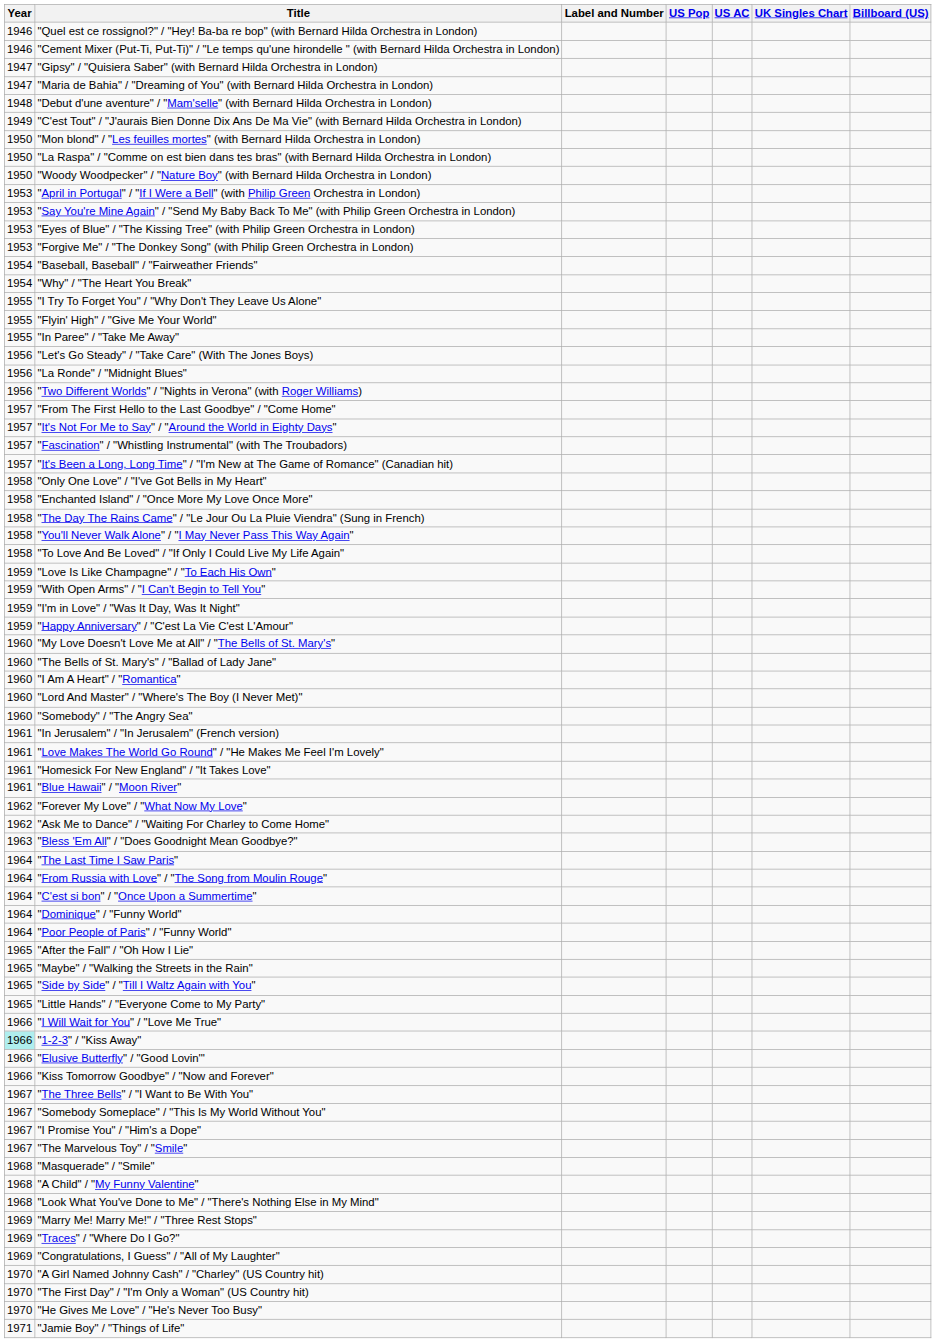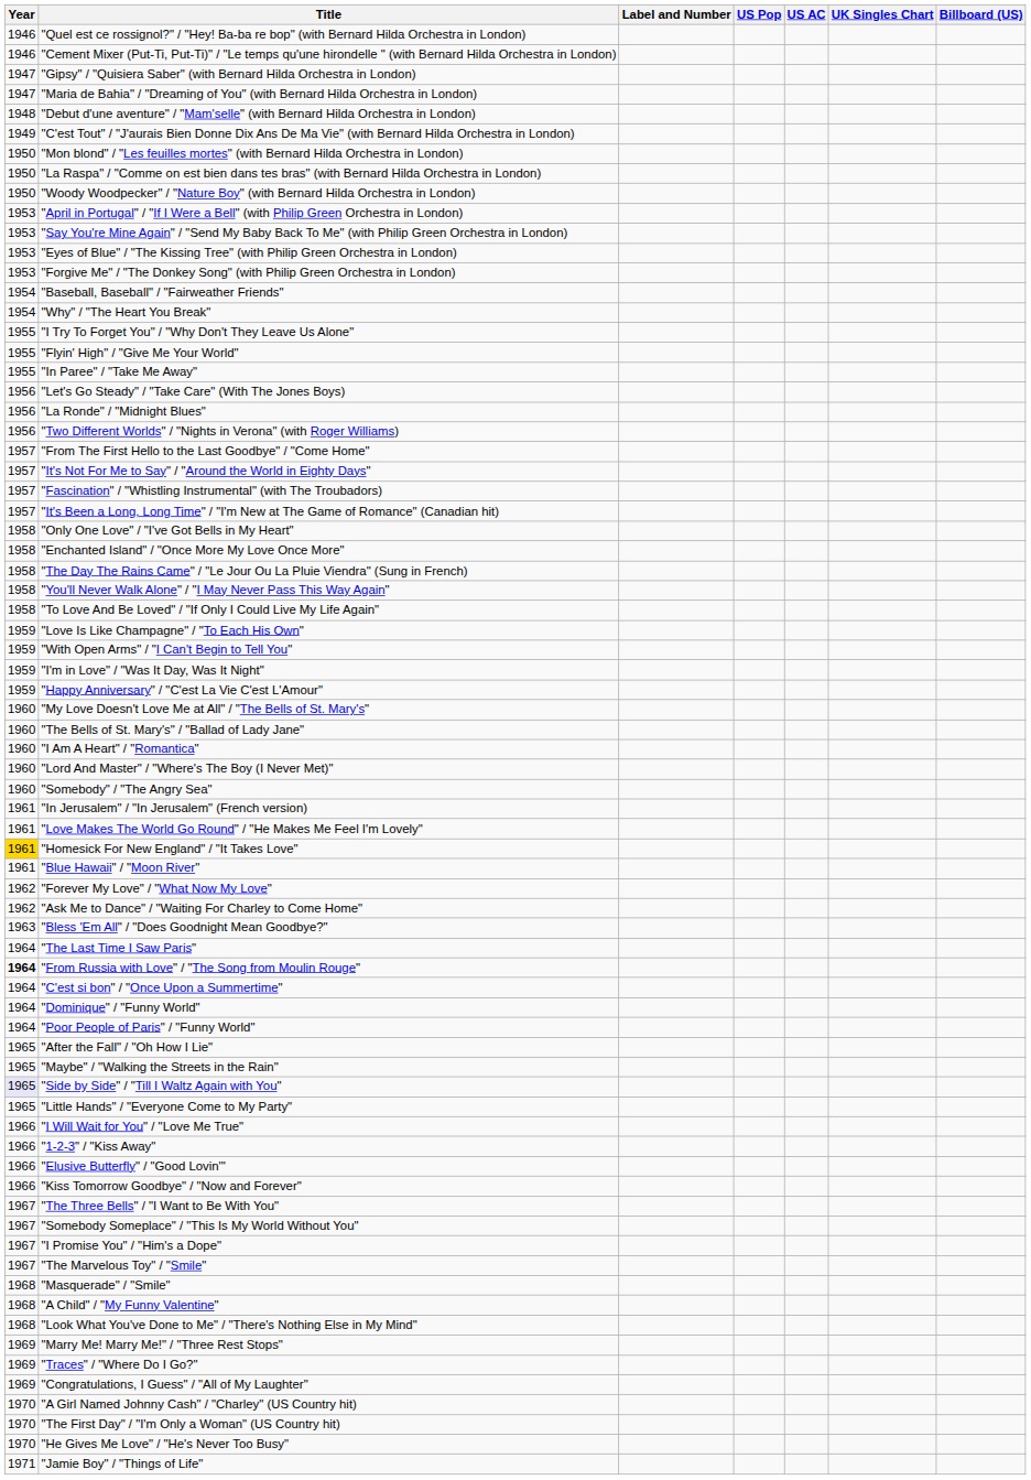 <table class=wikitable>
 <tr>
 <th>Year</th>
 <th>Title</th>
 <th>Label and Number</th>
 <th><a href='#'>US Pop</a></th>
 <th><a href='#'>US AC</a></th>
 <th><a href='#'>UK Singles Chart</a></th>
 <th><a href='#'>Billboard (US)</a></th>
 </tr>
 <tr>
 <td>1946</td>
 <td>"Quel est ce rossignol?" / "Hey! Ba-ba re bop" (with Bernard Hilda Orchestra in London)</td>
 <td></td>
 <td></td>
 <td></td>
 <td></td>
 <td></td>
 </tr>
 <tr>
 <td>1946</td>
 <td>"Cement Mixer (Put-Ti, Put-Ti)" / "Le temps qu'une hirondelle " (with Bernard Hilda Orchestra in London)</td>
 <td></td>
 <td></td>
 <td></td>
 <td></td>
 <td></td>
 </tr>
 <tr>
 <td>1947</td>
 <td>"Gipsy" / "Quisiera Saber" (with Bernard Hilda Orchestra in London)</td>
 <td></td>
 <td></td>
 <td></td>
 <td></td>
 <td></td>
 </tr>
 <tr>
 <td>1947</td>
 <td>"Maria de Bahia" / "Dreaming of You" (with Bernard Hilda Orchestra in London)</td>
 <td></td>
 <td></td>
 <td></td>
 <td></td>
 </tr>
 <tr>
 <td>1948</td>
 <td>"Debut d'une aventure" / "<a href='#'>Mam'selle</a>" (with Bernard Hilda Orchestra in London)</td>
 <td></td>
 <td></td>
 <td></td>
 <td></td>
 <td></td>
 </tr>
 <tr>
 <td>1949</td>
 <td>"C'est Tout" / "J'aurais Bien Donne Dix Ans De Ma Vie" (with Bernard Hilda Orchestra in London)</td>
 <td></td>
 <td></td>
 <td></td>
 <td></td>
 <td></td>
 </tr>
 <tr>
 <td>1950</td>
 <td>"Mon blond" / "<a href='#'>Les feuilles mortes</a>" (with Bernard Hilda Orchestra in London)</td>
 <td></td>
 <td></td>
 <td></td>
 <td></td>
 <td></td>
 </tr>
 <tr>
 <td>1950</td>
 <td>"La Raspa" / "Comme on est bien dans tes bras" (with Bernard Hilda Orchestra in London)</td>
 <td></td>
 <td></td>
 <td></td>
 <td></td>
 <td></td>
 </tr>
 <tr>
 <td>1950</td>
 <td>"Woody Woodpecker" / "<a href='#'>Nature Boy</a>" (with Bernard Hilda Orchestra in London)</td>
 <td></td>
 <td></td>
 <td></td>
 <td></td>
 <td></td>
 </tr>
 <tr>
 <td>1953</td>
 <td>"<a href='#'>April in Portugal</a>" / "<a href='#'>If I Were a Bell</a>" (with <a href='#'>Philip Green</a> Orchestra in London)</td>
 <td></td>
 <td></td>
 <td></td>
 <td></td>
 <td></td>
 </tr>
 <tr>
 <td>1953</td>
 <td>"<a href='#'>Say You're Mine Again</a>" / "Send My Baby Back To Me" (with Philip Green Orchestra in London)</td>
 <td></td>
 <td></td>
 <td></td>
 <td></td>
 <td></td>
 </tr>
 <tr>
 <td>1953</td>
 <td>"Eyes of Blue" / "The Kissing Tree" (with Philip Green Orchestra in London)</td>
 <td></td>
 <td></td>
 <td></td>
 <td></td>
 <td></td>
 </tr>
 <tr>
 <td>1953</td>
 <td>"Forgive Me" / "The Donkey Song" (with Philip Green Orchestra in London)</td>
 <td></td>
 <td></td>
 <td></td>
 <td></td>
 <td></td>
 </tr>
 <tr>
 <td>1954</td>
 <td>"Baseball, Baseball" / "Fairweather Friends"</td>
 <td></td>
 <td></td>
 <td></td>
 <td></td>
 <td></td>
 </tr>
 <tr>
 <td>1954</td>
 <td>"Why" / "The Heart You Break"</td>
 <td></td>
 <td></td>
 <td></td>
 <td></td>
 <td></td>
 </tr>
 <tr>
 <td>1955</td>
 <td>"I Try To Forget You" / "Why Don't They Leave Us Alone"</td>
 <td></td>
 <td></td>
 <td></td>
 <td></td>
 <td></td>
 </tr>
 <tr>
 <td>1955</td>
 <td>"Flyin' High" / "Give Me Your World"</td>
 <td></td>
 <td></td>
 <td></td>
 <td></td>
 <td></td>
 </tr>
 <tr>
 <td>1955</td>
 <td>"In Paree" / "Take Me Away"</td>
 <td></td>
 <td></td>
 <td></td>
 <td></td>
 <td></td>
 </tr>
 <tr>
 <td>1956</td>
 <td>"Let's Go Steady" / "Take Care" (With The Jones Boys)</td>
 <td></td>
 <td></td>
 <td></td>
 <td></td>
 <td></td>
 </tr>
 <tr>
 <td>1956</td>
 <td>"La Ronde" / "Midnight Blues"</td>
 <td></td>
 <td></td>
 <td></td>
 <td></td>
 <td></td>
 </tr>
 <tr>
 <td>1956</td>
 <td>"<a href='#'>Two Different Worlds</a>" / "Nights in Verona" (with <a href='#'>Roger Williams</a>)</td>
 <td></td>
 <td></td>
 <td></td>
 <td></td>
 <td></td>
 </tr>
 <tr>
 <td>1957</td>
 <td>"From The First Hello to the Last Goodbye" / "Come Home"</td>
 <td></td>
 <td></td>
 <td></td>
 <td></td>
 <td></td>
 </tr>
 <tr>
 <td>1957</td>
 <td>"<a href='#'>It's Not For Me to Say</a>" / "<a href='#'>Around the World in Eighty Days</a>"</td>
 <td></td>
 <td></td>
 <td></td>
 <td></td>
 <td></td>
 </tr>
 <tr>
 <td>1957</td>
 <td>"<a href='#'>Fascination</a>" / "Whistling Instrumental" (with The Troubadors)</td>
 <td></td>
 <td></td>
 <td></td>
 <td></td>
 <td></td>
 </tr>
 <tr>
 <td>1957</td>
 <td>"<a href='#'>It's Been a Long, Long Time</a>" / "I'm New at The Game of Romance" (Canadian hit)</td>
 <td></td>
 <td></td>
 <td></td>
 <td></td>
 <td></td>
 </tr>
 <tr>
 <td>1958</td>
 <td>"Only One Love" / "I've Got Bells in My Heart"</td>
 <td></td>
 <td></td>
 <td></td>
 <td></td>
 <td></td>
 </tr>
 <tr>
 <td>1958</td>
 <td>"Enchanted Island" / "Once More My Love Once More"</td>
 <td></td>
 <td></td>
 <td></td>
 <td></td>
 <td></td>
 </tr>
 <tr>
 <td>1958</td>
 <td>"<a href='#'>The Day The Rains Came</a>" / "Le Jour Ou La Pluie Viendra" (Sung in French)</td>
 <td></td>
 <td></td>
 <td></td>
 <td></td>
 <td></td>
 </tr>
 <tr>
 <td>1958</td>
 <td>"<a href='#'>You'll Never Walk Alone</a>" / "<a href='#'>I May Never Pass This Way Again</a>"</td>
 <td></td>
 <td></td>
 <td></td>
 <td></td>
 <td></td>
 </tr>
 <tr>
 <td>1958</td>
 <td>"To Love And Be Loved" / "If Only I Could Live My Life Again"</td>
 <td></td>
 <td></td>
 <td></td>
 <td></td>
 <td></td>
 </tr>
 <tr>
 <td>1959</td>
 <td>"Love Is Like Champagne" / "<a href='#'>To Each His Own</a>"</td>
 <td></td>
 <td></td>
 <td></td>
 <td></td>
 <td></td>
 </tr>
 <tr>
 <td>1959</td>
 <td>"With Open Arms" / "<a href='#'>I Can't Begin to Tell You</a>"</td>
 <td></td>
 <td></td>
 <td></td>
 <td></td>
 <td></td>
 </tr>
 <tr>
 <td>1959</td>
 <td>"I'm in Love" / "Was It Day, Was It Night"</td>
 <td></td>
 <td></td>
 <td></td>
 <td></td>
 <td></td>
 </tr>
 <tr>
 <td>1959</td>
 <td>"<a href='#'>Happy Anniversary</a>" / "C'est La Vie C'est L'Amour"</td>
 <td></td>
 <td></td>
 <td></td>
 <td></td>
 <td></td>
 </tr>
 <tr>
 <td>1960</td>
 <td>"My Love Doesn't Love Me at All" / "<a href='#'>The Bells of St. Mary's</a>"</td>
 <td></td>
 <td></td>
 <td></td>
 <td></td>
 <td></td>
 </tr>
 <tr>
 <td>1960</td>
 <td>"The Bells of St. Mary's" / "Ballad of Lady Jane"</td>
 <td></td>
 <td></td>
 <td></td>
 <td></td>
 <td></td>
 </tr>
 <tr>
 <td>1960</td>
 <td>"I Am A Heart" / "<a href='#'>Romantica</a>"</td>
 <td></td>
 <td></td>
 <td></td>
 <td></td>
 <td></td>
 </tr>
 <tr>
 <td>1960</td>
 <td>"Lord And Master" / "Where's The Boy (I Never Met)"</td>
 <td></td>
 <td></td>
 <td></td>
 <td></td>
 <td></td>
 </tr>
 <tr>
 <td>1960</td>
 <td>"Somebody" / "The Angry Sea"</td>
 <td></td>
 <td></td>
 <td></td>
 <td></td>
 <td></td>
 </tr>
 <tr>
 <td>1961</td>
 <td>"In Jerusalem" / "In Jerusalem" (French version)</td>
 <td></td>
 <td></td>
 <td></td>
 <td></td>
 <td></td>
 </tr>
 <tr>
 <td>1961</td>
 <td>"<a href='#'>Love Makes The World Go Round</a>" / "He Makes Me Feel I'm Lovely"</td>
 <td></td>
 <td></td>
 <td></td>
 <td></td>
 <td></td>
 </tr>
 <tr>
-<td>1961</td>
+<td style="background: gold;">1961</td>
 <td>"Homesick For New England" / "It Takes Love"</td>
 <td></td>
 <td></td>
 <td></td>
 <td></td>
 <td></td>
 </tr>
 <tr>
 <td>1961</td>
 <td>"<a href='#'>Blue Hawaii</a>" / "<a href='#'>Moon River</a>"</td>
 <td></td>
 <td></td>
 <td></td>
 <td></td>
 <td></td>
 </tr>
 <tr>
 <td>1962</td>
 <td>"Forever My Love" / "<a href='#'>What Now My Love</a>"</td>
 <td></td>
 <td></td>
 <td></td>
 <td></td>
 <td></td>
 </tr>
 <tr>
 <td>1962</td>
 <td>"Ask Me to Dance" / "Waiting For Charley to Come Home"</td>
 <td></td>
 <td></td>
 <td></td>
 <td></td>
 <td></td>
 </tr>
 <tr>
 <td>1963</td>
 <td>"<a href='#'>Bless 'Em All</a>" / "Does Goodnight Mean Goodbye?"</td>
 <td></td>
 <td></td>
 <td></td>
 <td></td>
 <td></td>
 </tr>
 <tr>
 <td>1964</td>
 <td>"<a href='#'>The Last Time I Saw Paris</a>"</td>
 <td></td>
 <td></td>
 <td></td>
 <td></td>
 <td></td>
 </tr>
 <tr>
-<td>1964</td>
+<td><strong>1964</strong></td>
 <td>"<a href='#'>From Russia with Love</a>" / "<a href='#'>The Song from Moulin Rouge</a>"</td>
 <td></td>
 <td></td>
 <td></td>
 <td></td>
 <td></td>
 </tr>
 <tr>
 <td>1964</td>
 <td>"<a href='#'>C'est si bon</a>" / "<a href='#'>Once Upon a Summertime</a>"</td>
 <td></td>
 <td></td>
 <td></td>
 <td></td>
 <td></td>
 </tr>
 <tr>
 <td>1964</td>
 <td>"<a href='#'>Dominique</a>" / "Funny World"</td>
 <td></td>
 <td></td>
 <td></td>
 <td></td>
 <td></td>
 </tr>
 <tr>
 <td>1964</td>
 <td>"<a href='#'>Poor People of Paris</a>" / "Funny World"</td>
 <td></td>
 <td></td>
 <td></td>
 <td></td>
 <td></td>
 </tr>
 <tr>
 <td>1965</td>
 <td>"After the Fall" / "Oh How I Lie"</td>
 <td></td>
 <td></td>
 <td></td>
 <td></td>
 <td></td>
 </tr>
 <tr>
 <td>1965</td>
 <td>"Maybe" / "Walking the Streets in the Rain"</td>
 <td></td>
 <td></td>
 <td></td>
 <td></td>
 <td></td>
 </tr>
 <tr>
-<td>1965</td>
+<td style="background: lavender;">1965</td>
 <td>"<a href='#'>Side by Side</a>" / "<a href='#'>Till I Waltz Again with You</a>"</td>
 <td></td>
 <td></td>
 <td></td>
 <td></td>
 <td></td>
 </tr>
 <tr>
 <td>1965</td>
 <td>"Little Hands" / "Everyone Come to My Party"</td>
 <td></td>
 <td></td>
 <td></td>
 <td></td>
 <td></td>
 </tr>
 <tr>
 <td>1966</td>
 <td>"<a href='#'>I Will Wait for You</a>" / "Love Me True"</td>
 <td></td>
 <td></td>
 <td></td>
 <td></td>
 <td></td>
 </tr>
 <tr>
-<td style="background: paleturquoise;">1966</td>
+<td>1966</td>
 <td>"<a href='#'>1-2-3</a>" / "Kiss Away"</td>
 <td></td>
 <td></td>
 <td></td>
 <td></td>
 <td></td>
 </tr>
 <tr>
 <td>1966</td>
 <td>"<a href='#'>Elusive Butterfly</a>" / "Good Lovin'"</td>
 <td></td>
 <td></td>
 <td></td>
 <td></td>
 <td></td>
 </tr>
 <tr>
 <td>1966</td>
 <td>"Kiss Tomorrow Goodbye" / "Now and Forever"</td>
 <td></td>
 <td></td>
 <td></td>
 <td></td>
 <td></td>
 </tr>
 <tr>
 <td>1967</td>
 <td>"<a href='#'>The Three Bells</a>" / "I Want to Be With You"</td>
 <td></td>
 <td></td>
 <td></td>
 <td></td>
 <td></td>
 </tr>
 <tr>
 <td>1967</td>
 <td>"Somebody Someplace" / "This Is My World Without You"</td>
 <td></td>
 <td></td>
 <td></td>
 <td></td>
 <td></td>
 </tr>
 <tr>
 <td>1967</td>
 <td>"I Promise You" / "Him's a Dope"</td>
 <td></td>
 <td></td>
 <td></td>
 <td></td>
 <td></td>
 </tr>
 <tr>
 <td>1967</td>
 <td>"The Marvelous Toy" / "<a href='#'>Smile</a>"</td>
 <td></td>
 <td></td>
 <td></td>
 <td></td>
 <td></td>
 </tr>
 <tr>
 <td>1968</td>
 <td>"Masquerade" / "Smile"</td>
 <td></td>
 <td></td>
 <td></td>
 <td></td>
 <td></td>
 </tr>
 <tr>
 <td>1968</td>
 <td>"A Child" / "<a href='#'>My Funny Valentine</a>"</td>
 <td></td>
 <td></td>
 <td></td>
 <td></td>
 <td></td>
 </tr>
 <tr>
 <td>1968</td>
 <td>"Look What You've Done to Me" / "There's Nothing Else in My Mind"</td>
 <td></td>
 <td></td>
 <td></td>
 <td></td>
 <td></td>
 </tr>
 <tr>
 <td>1969</td>
 <td>"Marry Me! Marry Me!" / "Three Rest Stops"</td>
 <td></td>
 <td></td>
 <td></td>
 <td></td>
 <td></td>
 </tr>
 <tr>
 <td>1969</td>
 <td>"<a href='#'>Traces</a>" / "Where Do I Go?"</td>
 <td></td>
 <td></td>
 <td></td>
 <td></td>
 <td></td>
 </tr>
 <tr>
 <td>1969</td>
 <td>"Congratulations, I Guess" / "All of My Laughter"</td>
 <td></td>
 <td></td>
 <td></td>
 <td></td>
 <td></td>
 </tr>
 <tr>
 <td>1970</td>
 <td>"A Girl Named Johnny Cash" / "Charley" (US Country hit)</td>
 <td></td>
 <td></td>
 <td></td>
 <td></td>
 <td></td>
 </tr>
 <tr>
 <td>1970</td>
 <td>"The First Day" / "I'm Only a Woman" (US Country hit)</td>
 <td></td>
 <td></td>
 <td></td>
 <td></td>
 <td></td>
 </tr>
 <tr>
 <td>1970</td>
 <td>"He Gives Me Love" / "He's Never Too Busy"</td>
 <td></td>
 <td></td>
 <td></td>
 <td></td>
 <td></td>
 </tr>
 <tr>
 <td>1971</td>
 <td>"Jamie Boy" / "Things of Life"</td>
 <td></td>
 <td></td>
 <td></td>
 <td></td>
 <td></td>
 </tr>
 </table>
